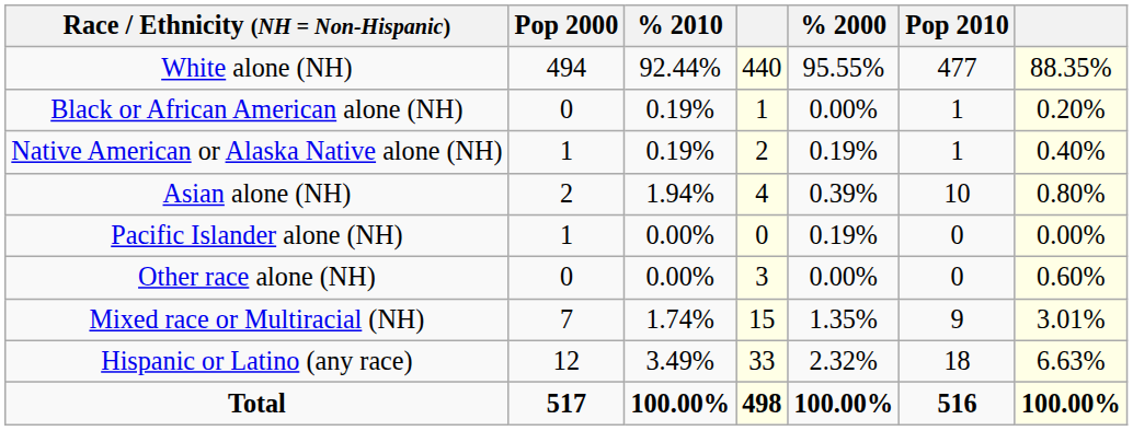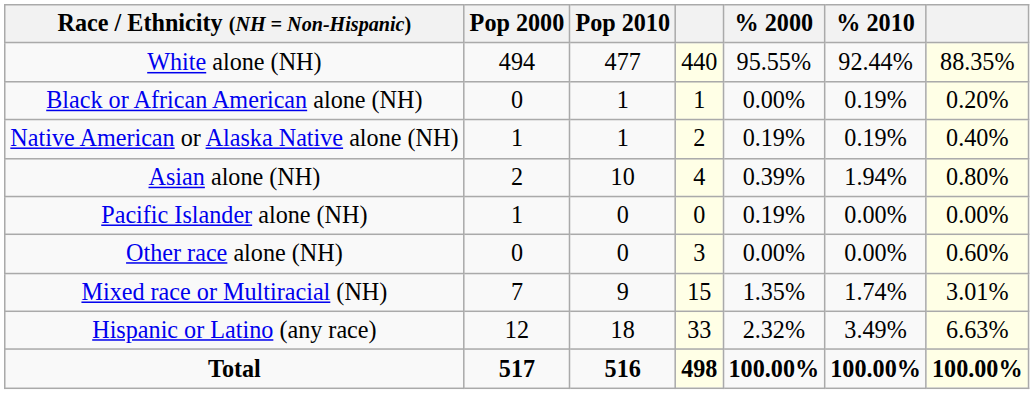 <table class="wikitable" style="text-align:center;">
 <tr>
 <th>Race / Ethnicity <small>(<em>NH = Non-Hispanic</em>)</small></th>
 <th>Pop 2000</th>
-<th>% 2010</th>
+<th>Pop 2010</th>
 <th></th>
 <th>% 2000</th>
-<th>Pop 2010</th>
+<th>% 2010</th>
 <th></th>
 </tr>
 <tr>
 <td><a href='#'>White</a> alone (NH)</td>
 <td>494</td>
-<td>92.44%</td>
+<td>477</td>
 <td style='background: #ffffe6;'>440</td>
 <td>95.55%</td>
-<td>477</td>
+<td>92.44%</td>
 <td style='background: #ffffe6;'>88.35%</td>
 </tr>
 <tr>
 <td><a href='#'>Black or African American</a> alone (NH)</td>
 <td>0</td>
-<td>0.19%</td>
+<td>1</td>
 <td style='background: #ffffe6;'>1</td>
 <td>0.00%</td>
-<td>1</td>
+<td>0.19%</td>
 <td style='background: #ffffe6;'>0.20%</td>
 </tr>
 <tr>
 <td><a href='#'>Native American</a> or <a href='#'>Alaska Native</a> alone (NH)</td>
 <td>1</td>
-<td>0.19%</td>
+<td>1</td>
 <td style='background: #ffffe6;'>2</td>
 <td>0.19%</td>
-<td>1</td>
+<td>0.19%</td>
 <td style='background: #ffffe6;'>0.40%</td>
 </tr>
 <tr>
 <td><a href='#'>Asian</a> alone (NH)</td>
 <td>2</td>
-<td>1.94%</td>
+<td>10</td>
 <td style='background: #ffffe6;'>4</td>
 <td>0.39%</td>
-<td>10</td>
+<td>1.94%</td>
 <td style='background: #ffffe6;'>0.80%</td>
 </tr>
 <tr>
 <td><a href='#'>Pacific Islander</a> alone (NH)</td>
 <td>1</td>
-<td>0.00%</td>
+<td>0</td>
 <td style='background: #ffffe6;'>0</td>
 <td>0.19%</td>
-<td>0</td>
+<td>0.00%</td>
 <td style='background: #ffffe6;'>0.00%</td>
 </tr>
 <tr>
 <td><a href='#'>Other race</a> alone (NH)</td>
 <td>0</td>
-<td>0.00%</td>
+<td>0</td>
 <td style='background: #ffffe6;'>3</td>
 <td>0.00%</td>
-<td>0</td>
+<td>0.00%</td>
 <td style='background: #ffffe6;'>0.60%</td>
 </tr>
 <tr>
 <td><a href='#'>Mixed race or Multiracial</a> (NH)</td>
 <td>7</td>
-<td>1.74%</td>
+<td>9</td>
 <td style='background: #ffffe6;'>15</td>
 <td>1.35%</td>
-<td>9</td>
+<td>1.74%</td>
 <td style='background: #ffffe6;'>3.01%</td>
 </tr>
 <tr>
 <td><a href='#'>Hispanic or Latino</a> (any race)</td>
 <td>12</td>
-<td>3.49%</td>
+<td>18</td>
 <td style='background: #ffffe6;'>33</td>
 <td>2.32%</td>
-<td>18</td>
+<td>3.49%</td>
 <td style='background: #ffffe6;'>6.63%</td>
 </tr>
 <tr>
 <td><strong>Total</strong></td>
 <td><strong>517</strong></td>
-<td><strong>100.00%</strong></td>
+<td><strong>516</strong></td>
 <td style='background: #ffffe6;'><strong>498</strong></td>
 <td><strong>100.00%</strong></td>
-<td><strong>516</strong></td>
+<td><strong>100.00%</strong></td>
 <td style='background: #ffffe6;'><strong>100.00%</strong></td>
 </tr>
 </table>
